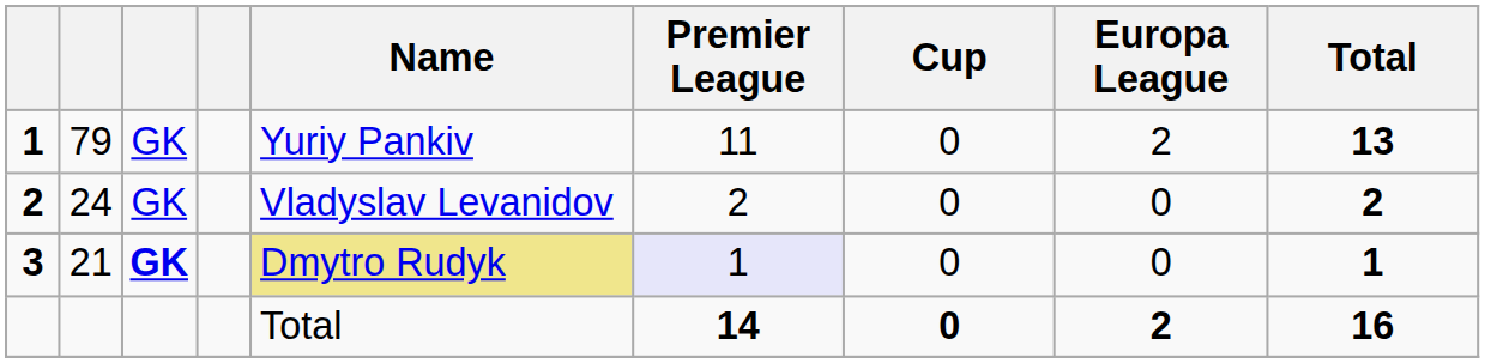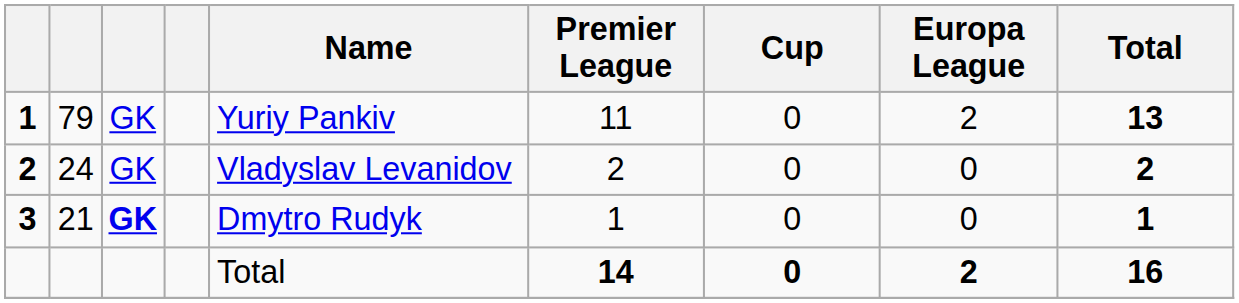 <table class="wikitable" style="text-align:center">
 <tr>
 <th width=15></th>
 <th width=15></th>
 <th width=15></th>
 <th width=15></th>
 <th width=150>Name</th>
 <th width=80><strong>Premier League</strong></th>
 <th width=80><strong>Cup</strong></th>
 <th width=80><strong>Europa League</strong></th>
 <th width=80>Total</th>
 </tr>
 <tr>
 <td><strong>1</strong></td>
 <td>79</td>
 <td><a href='#'>GK</a></td>
 <td></td>
 <td align=left><a href='#'>Yuriy Pankiv</a></td>
 <td>11</td>
 <td>0</td>
 <td>2</td>
 <td><strong>13</strong></td>
 </tr>
 <tr>
 <td><strong>2</strong></td>
 <td>24</td>
 <td><a href='#'>GK</a></td>
 <td></td>
 <td align=left><a href='#'>Vladyslav Levanidov</a></td>
 <td>2</td>
 <td>0</td>
 <td>0</td>
 <td><strong>2</strong></td>
 </tr>
 <tr>
 <td><strong>3</strong></td>
 <td>21</td>
 <td><strong><a href='#'>GK</a></strong></td>
 <td></td>
-<td align=left style="background: khaki;"><a href='#'>Dmytro Rudyk</a></td>
-<td style="background: lavender;">1</td>
+<td align=left><a href='#'>Dmytro Rudyk</a></td>
+<td>1</td>
 <td>0</td>
 <td>0</td>
 <td><strong>1</strong></td>
 </tr>
 <tr>
 <td></td>
 <td></td>
 <td></td>
 <td></td>
 <td align=left>Total</td>
 <td><strong>14</strong></td>
 <td><strong>0</strong></td>
 <td><strong>2</strong></td>
 <td><strong>16</strong></td>
 </tr>
 <tr>
 </tr>
 </table>
